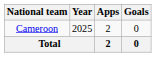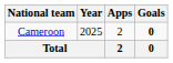 <table class=wikitable style=text-align:center>
 <tr>
 <th>National team</th>
 <th>Year</th>
 <th>Apps</th>
 <th>Goals</th>
 </tr>
 <tr>
 <td rowspan="1"><a href='#'>Cameroon</a></td>
 <td>2025</td>
 <td>2</td>
-<td>0</td>
+<td><strong>0</strong></td>
 </tr>
 <tr>
 <th colspan="2">Total</th>
 <th>2</th>
 <th>0</th>
 </tr>
 </table>
